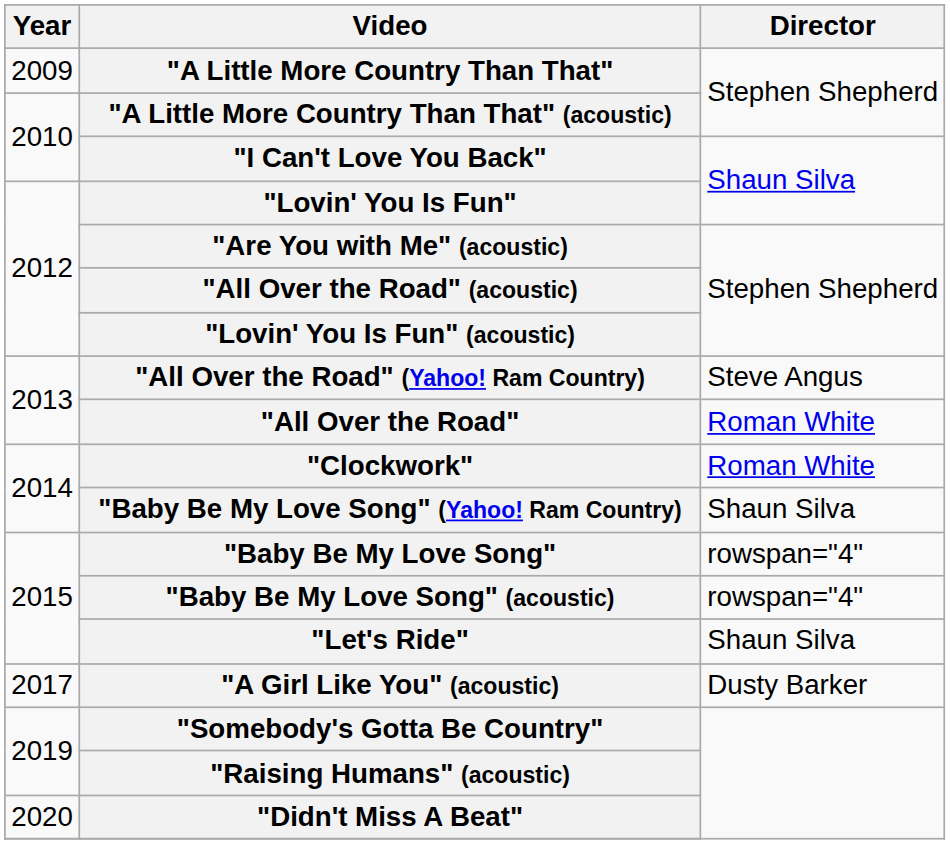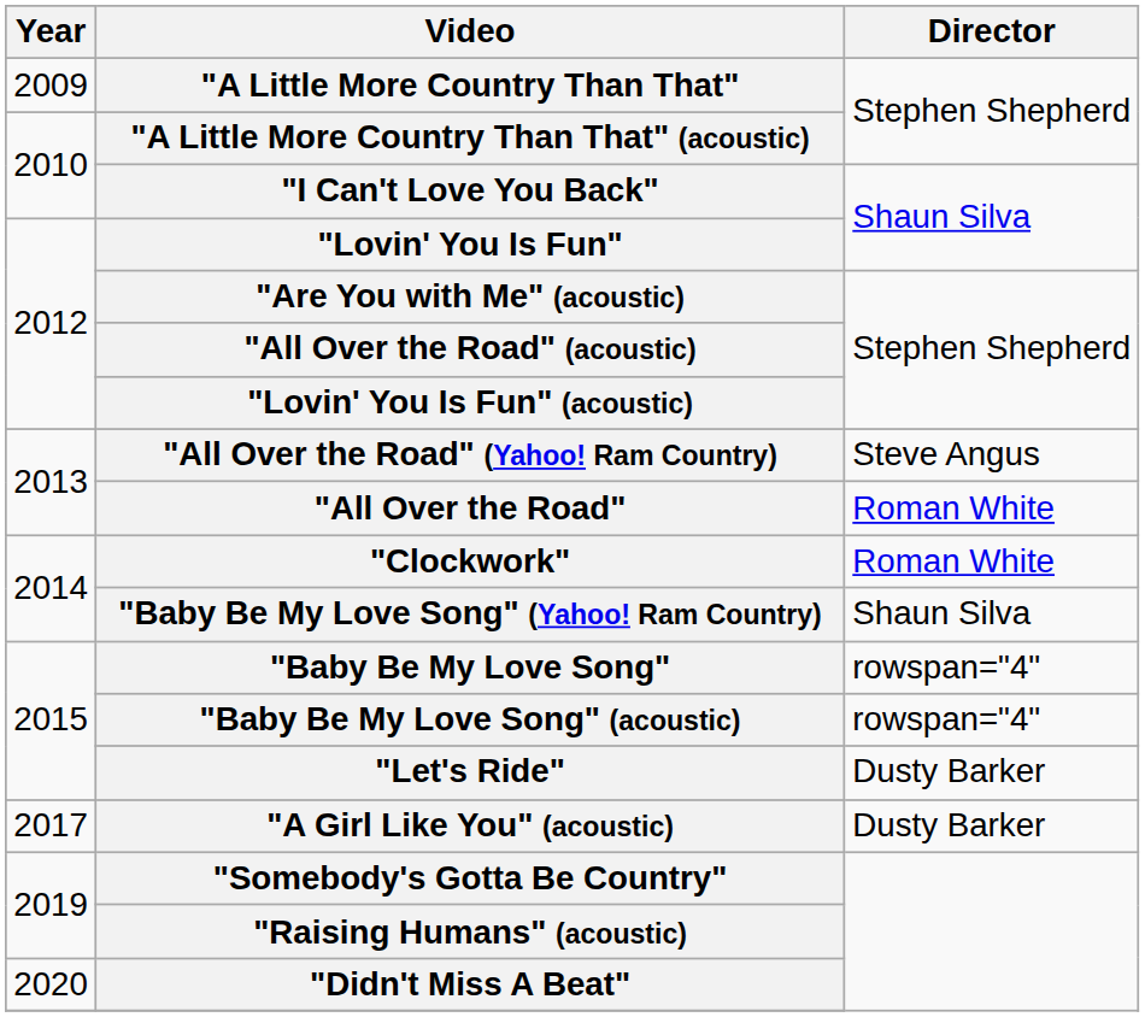 <table class="wikitable plainrowheaders">
 <tr>
 <th>Year</th>
 <th style="width:22em;">Video</th>
 <th>Director</th>
 </tr>
 <tr>
 <td>2009</td>
 <th scope="row">"A Little More Country Than That"</th>
 <td rowspan="2">Stephen Shepherd</td>
 </tr>
 <tr>
 <td rowspan="2">2010</td>
 <th scope="row">"A Little More Country Than That" <small>(acoustic)</small></th>
 </tr>
 <tr>
 <th scope="row">"I Can't Love You Back"</th>
 <td rowspan="2"><a href='#'>Shaun Silva</a></td>
 </tr>
 <tr>
 <td rowspan="4">2012</td>
 <th scope="row">"Lovin' You Is Fun"</th>
 </tr>
 <tr>
 <th scope="row">"Are You with Me" <small>(acoustic)</small></th>
 <td rowspan="3">Stephen Shepherd</td>
 </tr>
 <tr>
 <th scope="row">"All Over the Road" <small>(acoustic)</small></th>
 </tr>
 <tr>
 <th scope="row">"Lovin' You Is Fun" <small>(acoustic)</small></th>
 </tr>
 <tr>
 <td rowspan="2">2013</td>
 <th scope="row">"All Over the Road" <small>(<a href='#'>Yahoo!</a> Ram Country)</small></th>
 <td>Steve Angus</td>
 </tr>
 <tr>
 <th scope="row">"All Over the Road"</th>
 <td><a href='#'>Roman White</a></td>
 </tr>
 <tr>
 <td rowspan="2">2014</td>
 <th scope="row">"Clockwork"</th>
 <td><a href='#'>Roman White</a></td>
 </tr>
 <tr>
 <th scope="row">"Baby Be My Love Song" <small>(<a href='#'>Yahoo!</a> Ram Country)</small></th>
 <td>Shaun Silva</td>
 </tr>
 <tr>
 <td rowspan="3">2015</td>
 <th scope="row">"Baby Be My Love Song"</th>
 <td>rowspan="4" </td>
 </tr>
 <tr>
 <th scope="row">"Baby Be My Love Song" <small>(acoustic)</small></th>
 <td>rowspan="4" </td>
 </tr>
 <tr>
 <th scope="row">"Let's Ride"</th>
-<td>Shaun Silva</td>
+<td>Dusty Barker</td>
 </tr>
 <tr>
 <td>2017</td>
 <th scope="row">"A Girl Like You" <small>(acoustic)</small></th>
 <td>Dusty Barker</td>
 </tr>
 <tr>
 <td rowspan="2">2019</td>
 <th scope="row">"Somebody's Gotta Be Country"</th>
 </tr>
 <tr>
 <th scope="row">"Raising Humans" <small>(acoustic)</small></th>
 </tr>
 <tr>
 <td>2020</td>
 <th scope="row">"Didn't Miss A Beat"</th>
 </tr>
 <tr>
 </tr>
 </table>
